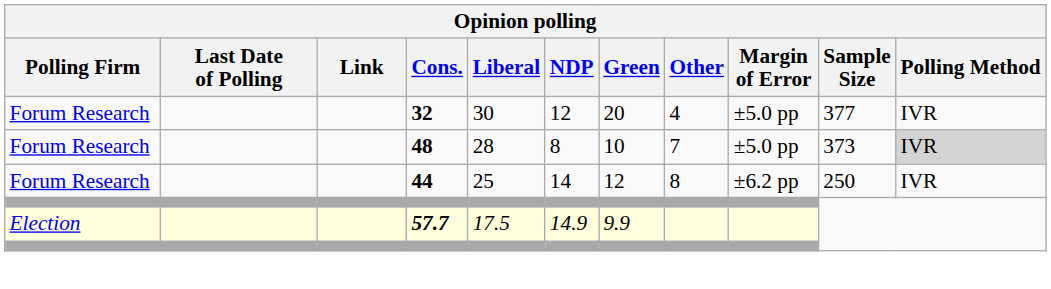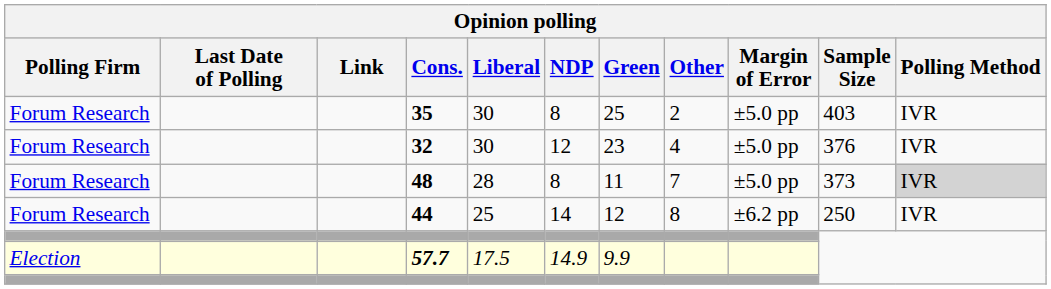 <table class="wikitable collapsible sortable collapsed">
 <tr style="background:#e9e9e9;">
 <th style="width:640px,;" colspan="11">Opinion polling</th>
 </tr>
 <tr style="background:#e9e9e9;">
 <th style="width:110px">Polling Firm</th>
 <th style="width:110px">Last Date<br>of Polling</th>
 <th style="width:60px" class="unsortable">Link</th>
 <th style="background-color:"><a href='#'>Cons.</a></th>
 <th style="background-color:"><a href='#'>Liberal</a></th>
 <th style="background-color:"><a href='#'>NDP</a></th>
 <th style="background-color:"><a href='#'>Green</a></th>
 <th style="background-color:"><a href='#'>Other</a></th>
 <th style="width:60px;" class=unsortable>Margin<br>of Error</th>
 <th style="width:50px;" class=unsortable>Sample<br>Size</th>
 <th class=unsortable>Polling Method</th>
 </tr>
 <tr>
 <td><a href='#'>Forum Research</a></td>
 <td></td>
 <td></td>
+<td><strong>35</strong></td>
+<td>30</td>
+<td>8</td>
+<td>25</td>
+<td>2</td>
+<td>±5.0 pp</td>
+<td>403</td>
+<td>IVR</td>
+</tr>
+<tr>
+<td><a href='#'>Forum Research</a></td>
+<td></td>
+<td></td>
 <td><strong>32</strong></td>
 <td>30</td>
 <td>12</td>
-<td>20</td>
+<td>23</td>
 <td>4</td>
 <td>±5.0 pp</td>
-<td>377</td>
+<td>376</td>
 <td>IVR</td>
 </tr>
 <tr>
 <td><a href='#'>Forum Research</a></td>
 <td></td>
 <td></td>
 <td><strong>48</strong></td>
 <td>28</td>
 <td>8</td>
-<td>10</td>
+<td>11</td>
 <td>7</td>
 <td>±5.0 pp</td>
 <td>373</td>
 <td style="background: lightgrey;">IVR</td>
 </tr>
 <tr>
 <td><a href='#'>Forum Research</a></td>
 <td></td>
 <td></td>
 <td><strong>44</strong></td>
 <td>25</td>
 <td>14</td>
 <td>12</td>
 <td>8</td>
 <td>±6.2 pp</td>
 <td>250</td>
 <td>IVR</td>
 </tr>
 <tr style="background:Darkgrey;">
 <td></td>
 <td></td>
 <td></td>
 <td></td>
 <td></td>
 <td></td>
 <td></td>
 <td></td>
 <td></td>
 </tr>
 <tr>
 <td style="background:#ffd;"><em><a href='#'>Election</a></em></td>
 <td style="background:#ffd;"></td>
 <td style="background:#ffd;"></td>
 <td style="background:#ffd;"><strong><em>57.7</em></strong></td>
 <td style="background:#ffd;"><em>17.5</em></td>
 <td style="background:#ffd;"><em>14.9</em></td>
 <td style="background:#ffd;"><em>9.9</em></td>
 <td style="background:#ffd;"></td>
 <td style="background:#ffd;"></td>
 </tr>
 <tr style="background:Darkgrey;">
 <td></td>
 <td></td>
 <td></td>
 <td></td>
 <td></td>
 <td></td>
 <td></td>
 <td></td>
 <td></td>
 </tr>
 </table>
